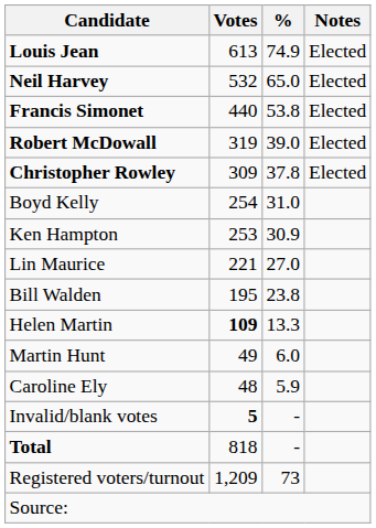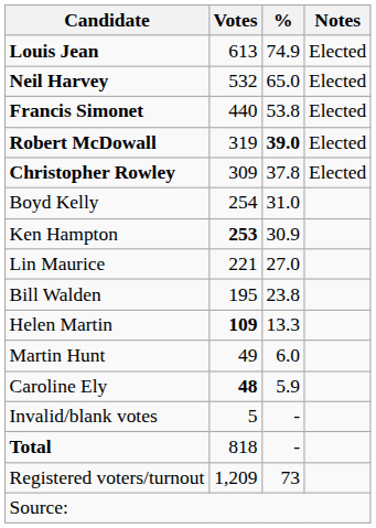 <table class=wikitable style=text-align:right>
 <tr>
 <th>Candidate</th>
 <th>Votes</th>
 <th>%</th>
 <th>Notes</th>
 </tr>
 <tr>
 <td align=left><strong>Louis Jean</strong></td>
 <td>613</td>
 <td>74.9</td>
 <td>Elected</td>
 </tr>
 <tr>
 <td align=left><strong>Neil Harvey</strong></td>
 <td>532</td>
 <td>65.0</td>
 <td>Elected</td>
 </tr>
 <tr>
 <td align=left><strong>Francis Simonet</strong></td>
 <td>440</td>
 <td>53.8</td>
 <td>Elected</td>
 </tr>
 <tr>
 <td align=left><strong>Robert McDowall</strong></td>
 <td>319</td>
-<td>39.0</td>
+<td><strong>39.0</strong></td>
 <td>Elected</td>
 </tr>
 <tr>
 <td align=left><strong>Christopher Rowley</strong></td>
 <td>309</td>
 <td>37.8</td>
 <td>Elected</td>
 </tr>
 <tr>
 <td align=left>Boyd Kelly</td>
 <td>254</td>
 <td>31.0</td>
 <td></td>
 </tr>
 <tr>
 <td align=left>Ken Hampton</td>
-<td>253</td>
+<td><strong>253</strong></td>
 <td>30.9</td>
 <td></td>
 </tr>
 <tr>
 <td align=left>Lin Maurice</td>
 <td>221</td>
 <td>27.0</td>
 <td></td>
 </tr>
 <tr>
 <td align=left>Bill Walden</td>
 <td>195</td>
 <td>23.8</td>
 <td></td>
 </tr>
 <tr>
 <td align=left>Helen Martin</td>
 <td><strong>109</strong></td>
 <td>13.3</td>
 <td></td>
 </tr>
 <tr>
 <td align=left>Martin Hunt</td>
 <td>49</td>
 <td>6.0</td>
 <td></td>
 </tr>
 <tr>
 <td align=left>Caroline Ely</td>
-<td>48</td>
+<td><strong>48</strong></td>
 <td>5.9</td>
 <td></td>
 </tr>
 <tr>
 <td align=left>Invalid/blank votes</td>
-<td><strong>5</strong></td>
+<td>5</td>
 <td>-</td>
 <td></td>
 </tr>
 <tr>
 <td align=left><strong>Total</strong></td>
 <td>818</td>
 <td>-</td>
 <td></td>
 </tr>
 <tr>
 <td align=left>Registered voters/turnout</td>
 <td>1,209</td>
 <td>73</td>
 <td></td>
 </tr>
 <tr>
 <td align=left colspan=4>Source:</td>
 </tr>
 </table>
